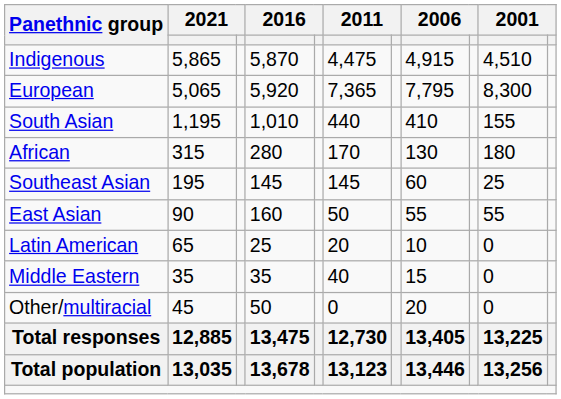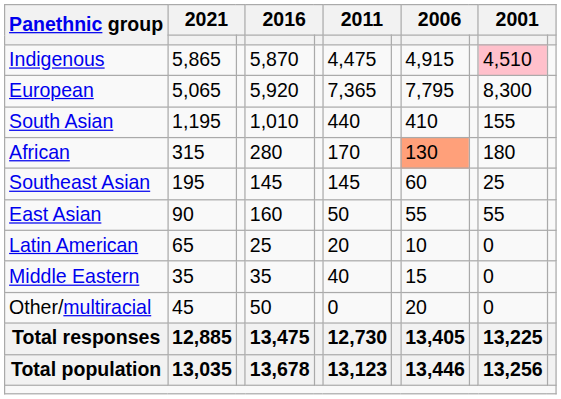 <table class="wikitable collapsible sortable">
 <tr>
 <th rowspan="2"><a href='#'>Panethnic</a> group</th>
 <th colspan="2">2021</th>
 <th colspan="2">2016</th>
 <th colspan="2">2011</th>
 <th colspan="2">2006</th>
 <th colspan="2">2001</th>
 </tr>
 <tr>
 <th><a href='#'></a></th>
 <th></th>
 <th></th>
 <th></th>
 <th></th>
 <th></th>
 <th></th>
 <th></th>
 <th></th>
 <th></th>
 </tr>
 <tr>
 <td><a href='#'>Indigenous</a></td>
 <td>5,865</td>
 <td></td>
 <td>5,870</td>
 <td></td>
 <td>4,475</td>
 <td></td>
 <td>4,915</td>
 <td></td>
-<td>4,510</td>
+<td style="background: pink;">4,510</td>
 <td></td>
 </tr>
 <tr>
 <td><a href='#'>European</a></td>
 <td>5,065</td>
 <td></td>
 <td>5,920</td>
 <td></td>
 <td>7,365</td>
 <td></td>
 <td>7,795</td>
 <td></td>
 <td>8,300</td>
 <td></td>
 </tr>
 <tr>
 <td><a href='#'>South Asian</a></td>
 <td>1,195</td>
 <td></td>
 <td>1,010</td>
 <td></td>
 <td>440</td>
 <td></td>
 <td>410</td>
 <td></td>
 <td>155</td>
 <td></td>
 </tr>
 <tr>
 <td><a href='#'>African</a></td>
 <td>315</td>
 <td></td>
 <td>280</td>
 <td></td>
 <td>170</td>
 <td></td>
-<td>130</td>
+<td style="background: lightsalmon;">130</td>
 <td></td>
 <td>180</td>
 <td></td>
 </tr>
 <tr>
 <td><a href='#'>Southeast Asian</a></td>
 <td>195</td>
 <td></td>
 <td>145</td>
 <td></td>
 <td>145</td>
 <td></td>
 <td>60</td>
 <td></td>
 <td>25</td>
 <td></td>
 </tr>
 <tr>
 <td><a href='#'>East Asian</a></td>
 <td>90</td>
 <td></td>
 <td>160</td>
 <td></td>
 <td>50</td>
 <td></td>
 <td>55</td>
 <td></td>
 <td>55</td>
 <td></td>
 </tr>
 <tr>
 <td><a href='#'>Latin American</a></td>
 <td>65</td>
 <td></td>
 <td>25</td>
 <td></td>
 <td>20</td>
 <td></td>
 <td>10</td>
 <td></td>
 <td>0</td>
 <td></td>
 </tr>
 <tr>
 <td><a href='#'>Middle Eastern</a></td>
 <td>35</td>
 <td></td>
 <td>35</td>
 <td></td>
 <td>40</td>
 <td></td>
 <td>15</td>
 <td></td>
 <td>0</td>
 <td></td>
 </tr>
 <tr>
 <td>Other/<a href='#'>multiracial</a></td>
 <td>45</td>
 <td></td>
 <td>50</td>
 <td></td>
 <td>0</td>
 <td></td>
 <td>20</td>
 <td></td>
 <td>0</td>
 <td></td>
 </tr>
 <tr>
 <th>Total responses</th>
 <th>12,885</th>
 <th></th>
 <th>13,475</th>
 <th></th>
 <th>12,730</th>
 <th></th>
 <th>13,405</th>
 <th></th>
 <th>13,225</th>
 <th></th>
 </tr>
 <tr class="sortbottom">
 <th>Total population</th>
 <th>13,035</th>
 <th></th>
 <th>13,678</th>
 <th></th>
 <th>13,123</th>
 <th></th>
 <th>13,446</th>
 <th></th>
 <th>13,256</th>
 <th></th>
 </tr>
 <tr class="sortbottom">
 <td colspan="11"></td>
 </tr>
 </table>
